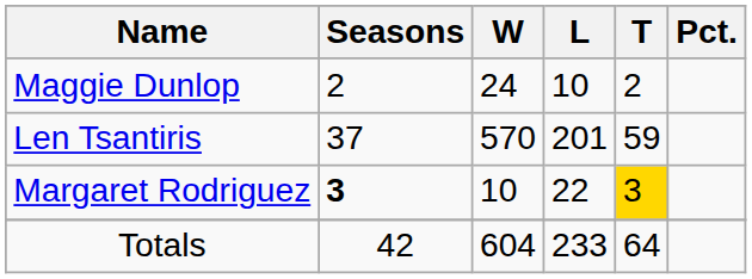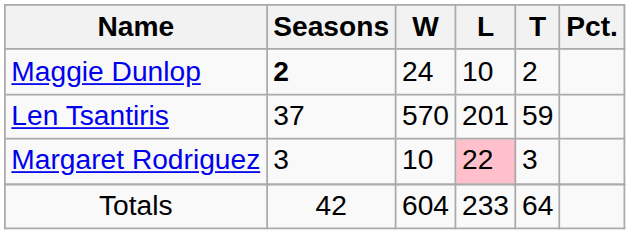 <table class="wikitable">
 <tr>
 <th>Name</th>
 <th>Seasons</th>
 <th>W</th>
 <th>L</th>
 <th>T</th>
 <th>Pct.</th>
 </tr>
 <tr>
 <td><a href='#'>Maggie Dunlop</a></td>
-<td>2</td>
+<td><strong>2</strong></td>
 <td>24</td>
 <td>10</td>
 <td>2</td>
 <td></td>
 </tr>
 <tr>
 <td><a href='#'>Len Tsantiris</a></td>
 <td>37</td>
 <td>570</td>
 <td>201</td>
 <td>59</td>
 <td></td>
 </tr>
 <tr>
 <td><a href='#'>Margaret Rodriguez</a></td>
-<td><strong>3</strong></td>
+<td>3</td>
 <td>10</td>
-<td>22</td>
-<td style="background: gold;">3</td>
+<td style="background: pink;">22</td>
+<td>3</td>
 <td></td>
 </tr>
 <tr>
 </tr>
 <tr align="center">
 <td>Totals</td>
 <td>42</td>
 <td>604</td>
 <td>233</td>
 <td>64</td>
 <td></td>
 </tr>
 </table>
